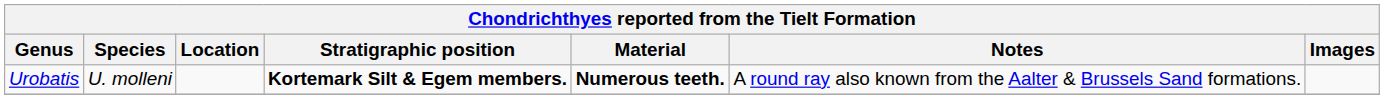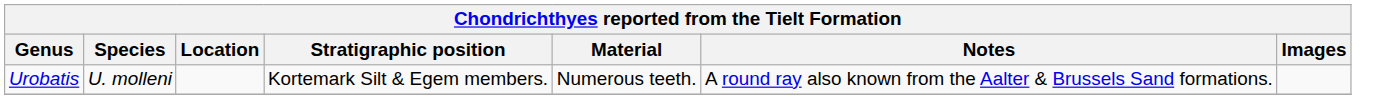 <table class="wikitable" align="center">
 <tr>
 <th colspan="7" align="center"><strong><a href='#'>Chondrichthyes</a> reported from the Tielt Formation</strong></th>
 </tr>
 <tr>
 <th>Genus</th>
 <th>Species</th>
 <th>Location</th>
 <th><strong>Stratigraphic position</strong></th>
 <th><strong>Material</strong></th>
 <th>Notes</th>
 <th>Images</th>
 </tr>
 <tr>
 <td><em><a href='#'>Urobatis</a></em></td>
 <td><em>U. molleni</em></td>
 <td></td>
-<td><strong>Kortemark Silt & Egem members.</strong></td>
-<td><strong>Numerous teeth.</strong></td>
+<td>Kortemark Silt & Egem members.</td>
+<td>Numerous teeth.</td>
 <td>A <a href='#'>round ray</a> also known from the <a href='#'>Aalter</a> & <a href='#'>Brussels Sand</a> formations.</td>
 <td></td>
 </tr>
 <tr>
 </tr>
 </table>
